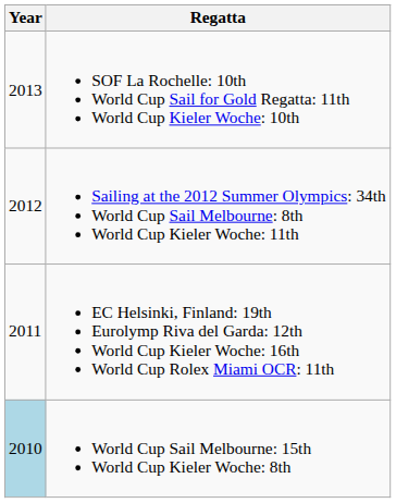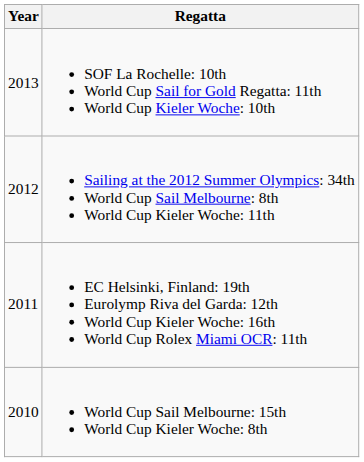 <table class="wikitable">
 <tr>
 <th>Year</th>
 <th>Regatta</th>
 </tr>
 <tr>
 <td>2013</td>
 <td><br><ul><li>SOF La Rochelle: 10th</li><li>World Cup <a href='#'>Sail for Gold</a> Regatta: 11th</li><li>World Cup <a href='#'>Kieler Woche</a>: 10th</li></ul></td>
 </tr>
 <tr>
 <td>2012</td>
 <td><br><ul><li><a href='#'>Sailing at the 2012 Summer Olympics</a>: 34th</li><li>World Cup <a href='#'>Sail Melbourne</a>: 8th</li><li>World Cup Kieler Woche: 11th</li></ul></td>
 </tr>
 <tr>
 <td>2011</td>
 <td><br><ul><li>EC Helsinki, Finland: 19th</li><li>Eurolymp Riva del Garda: 12th</li><li>World Cup Kieler Woche: 16th</li><li>World Cup Rolex <a href='#'>Miami OCR</a>: 11th</li></ul></td>
 </tr>
 <tr>
-<td style="background: lightblue;">2010</td>
+<td>2010</td>
 <td><br><ul><li>World Cup Sail Melbourne: 15th</li><li>World Cup Kieler Woche: 8th</li></ul></td>
 </tr>
 </table>
